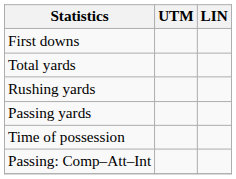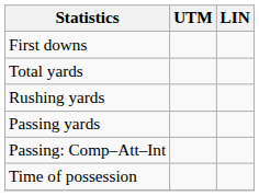 <table class="wikitable" style="float: left;">
 <tr>
 <th>Statistics</th>
 <th>UTM</th>
 <th>LIN</th>
 </tr>
 <tr>
 <td>First downs</td>
 <td></td>
 <td></td>
 </tr>
 <tr>
 <td>Total yards</td>
 <td></td>
 <td></td>
 </tr>
 <tr>
 <td>Rushing yards</td>
 <td></td>
 <td></td>
 </tr>
 <tr>
 <td>Passing yards</td>
 <td></td>
 <td></td>
 </tr>
 <tr>
-<td>Time of possession</td>
+<td>Passing: Comp–Att–Int</td>
 <td></td>
 <td></td>
 </tr>
 <tr>
-<td>Passing: Comp–Att–Int</td>
+<td>Time of possession</td>
 <td></td>
 <td></td>
 </tr>
 <tr>
 </tr>
 </table>
